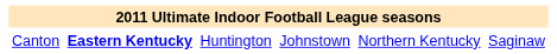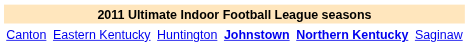 <table cellspacing="2" cellpadding="3" class="toccolours" style="font-size: 95%; margin: auto; text-align: center;">
 <tr>
 <th colspan="10" style="background-color: #FFE6BD;"><strong>2011 Ultimate Indoor Football League seasons</strong></th>
 </tr>
 <tr>
 <td style=><a href='#'>Canton</a></td>
-<td style=><strong><a href='#'>Eastern Kentucky</a></strong></td>
+<td style=><a href='#'>Eastern Kentucky</a></td>
 <td style=><a href='#'>Huntington</a></td>
-<td style=><a href='#'>Johnstown</a></td>
-<td style=><a href='#'>Northern Kentucky</a></td>
+<td style=><strong><a href='#'>Johnstown</a></strong></td>
+<td style=><strong><a href='#'>Northern Kentucky</a></strong></td>
 <td style=><a href='#'>Saginaw</a></td>
 </tr>
 <tr>
 </tr>
 </table>
